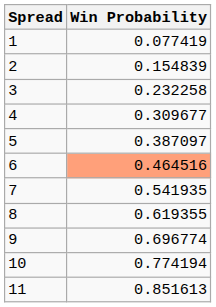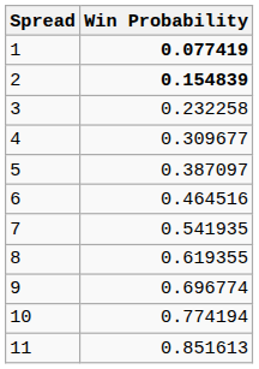 <table class="wikitable">
 <tr>
 <th>Spread</th>
 <th>Win Probability</th>
 </tr>
 <tr>
 <td>1</td>
-<td align=right>0.077419</td>
+<td align=right><strong>0.077419</strong></td>
 </tr>
 <tr>
 <td>2</td>
-<td align=right>0.154839</td>
+<td align=right><strong>0.154839</strong></td>
 </tr>
 <tr>
 <td>3</td>
 <td align=right>0.232258</td>
 </tr>
 <tr>
 <td>4</td>
 <td align=right>0.309677</td>
 </tr>
 <tr>
 <td>5</td>
 <td align=right>0.387097</td>
 </tr>
 <tr>
 <td>6</td>
-<td align=right style="background: lightsalmon;">0.464516</td>
+<td align=right>0.464516</td>
 </tr>
 <tr>
 <td>7</td>
 <td align=right>0.541935</td>
 </tr>
 <tr>
 <td>8</td>
 <td align=right>0.619355</td>
 </tr>
 <tr>
 <td>9</td>
 <td align=right>0.696774</td>
 </tr>
 <tr>
 <td>10</td>
 <td align=right>0.774194</td>
 </tr>
 <tr>
 <td>11</td>
 <td align=right>0.851613</td>
 </tr>
 </table>
